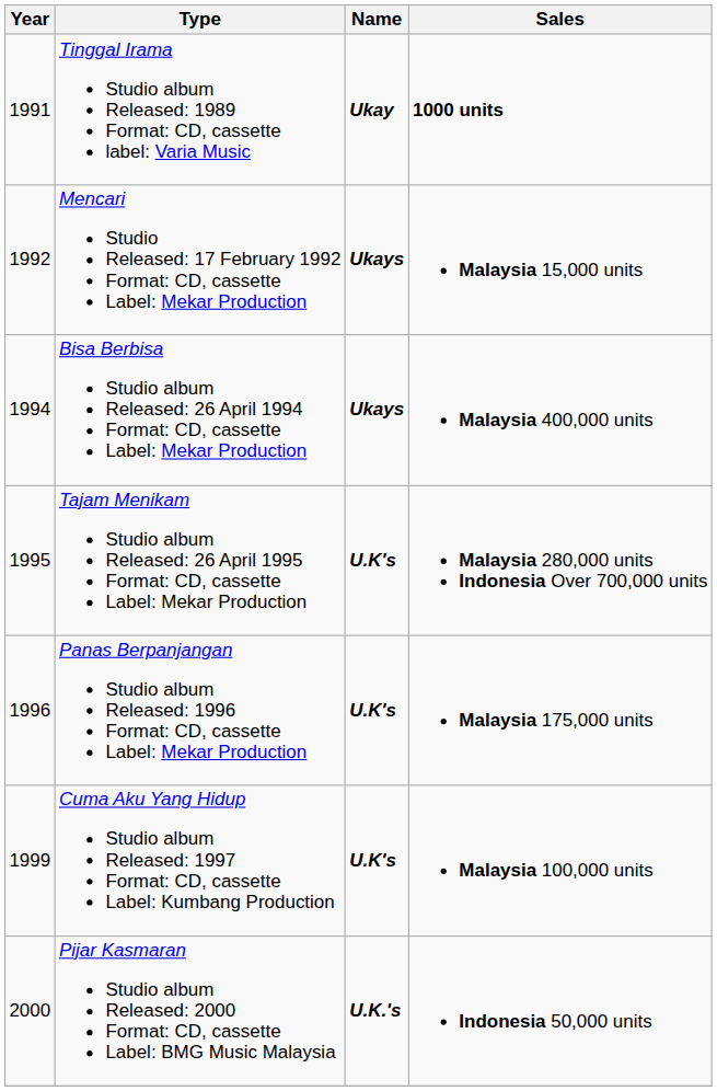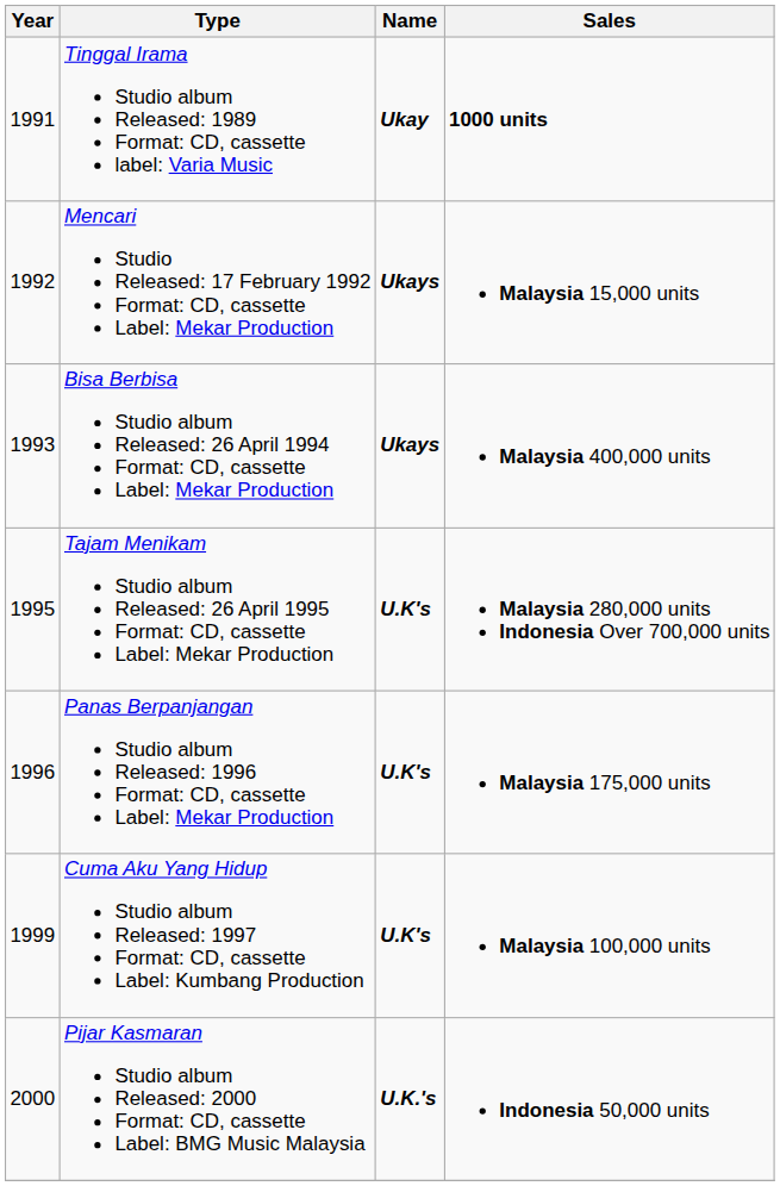 <table class="wikitable">
 <tr>
 <th>Year</th>
 <th>Type</th>
 <th>Name</th>
 <th>Sales</th>
 </tr>
 <tr>
 <td>1991</td>
 <td><em><a href='#'>Tinggal Irama</a></em><br><ul><li>Studio album</li><li>Released: 1989</li><li>Format: CD, cassette</li><li>label: <a href='#'>Varia Music</a></li></ul></td>
 <td><strong><em>Ukay</em></strong></td>
 <td><strong>1000 units</strong></td>
 </tr>
 <tr>
 <td>1992</td>
 <td><em><a href='#'>Mencari</a></em><br><ul><li>Studio</li><li>Released: 17 February 1992</li><li>Format: CD, cassette</li><li>Label: <a href='#'>Mekar Production</a></li></ul></td>
 <td><strong><em>Ukays</em></strong></td>
 <td><br><ul><li><strong>Malaysia</strong> 15,000 units</li></ul></td>
 </tr>
 <tr>
-<td>1994</td>
+<td>1993</td>
 <td><em><a href='#'>Bisa Berbisa</a></em><br><ul><li>Studio album</li><li>Released: 26 April 1994</li><li>Format: CD, cassette</li><li>Label: <a href='#'>Mekar Production</a></li></ul></td>
 <td><strong><em>Ukays</em></strong></td>
 <td><br><ul><li><strong>Malaysia</strong> 400,000 units</li></ul></td>
 </tr>
 <tr>
 <td>1995</td>
 <td><em><a href='#'>Tajam Menikam</a></em><br><ul><li>Studio album</li><li>Released: 26 April 1995</li><li>Format: CD, cassette</li><li>Label: Mekar Production</li></ul></td>
 <td><strong><em>U.K's</em></strong></td>
 <td><br><ul><li><strong>Malaysia</strong> 280,000 units</li><li><strong>Indonesia</strong> Over 700,000 units</li></ul></td>
 </tr>
 <tr>
 <td>1996</td>
 <td><em><a href='#'>Panas Berpanjangan</a></em><br><ul><li>Studio album</li><li>Released: 1996</li><li>Format: CD, cassette</li><li>Label: <a href='#'>Mekar Production</a></li></ul></td>
 <td><strong><em>U.K's</em></strong></td>
 <td><br><ul><li><strong>Malaysia</strong> 175,000 units</li></ul></td>
 </tr>
 <tr>
 <td>1999</td>
 <td><em><a href='#'>Cuma Aku Yang Hidup</a></em><br><ul><li>Studio album</li><li>Released: 1997</li><li>Format: CD, cassette</li><li>Label: Kumbang Production</li></ul></td>
 <td><strong><em>U.K's</em></strong></td>
 <td><br><ul><li><strong>Malaysia</strong> 100,000 units</li></ul></td>
 </tr>
 <tr>
 <td>2000</td>
 <td><em><a href='#'>Pijar Kasmaran</a></em><br><ul><li>Studio album</li><li>Released: 2000</li><li>Format: CD, cassette</li><li>Label: BMG Music Malaysia</li></ul></td>
 <td><strong><em>U.K.'s</em></strong></td>
 <td><br><ul><li><strong>Indonesia</strong> 50,000 units</li></ul></td>
 </tr>
 <tr>
 </tr>
 </table>
